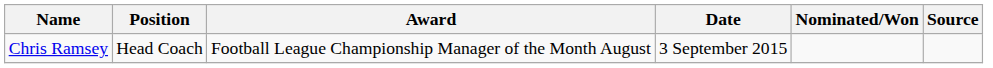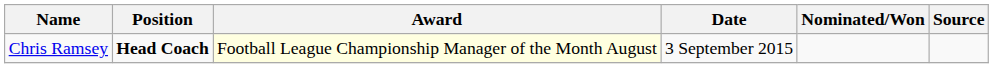 <table class="wikitable sortable" style="text-align:left; font-size:95%;">
 <tr>
 <th>Name</th>
 <th>Position</th>
 <th>Award</th>
 <th>Date</th>
 <th>Nominated/Won</th>
 <th>Source</th>
 </tr>
 <tr>
 <td><a href='#'>Chris Ramsey</a></td>
-<td>Head Coach</td>
-<td>Football League Championship Manager of the Month August</td>
+<td><strong>Head Coach</strong></td>
+<td style="background: lightyellow;">Football League Championship Manager of the Month August</td>
 <td>3 September 2015</td>
 <td></td>
 <td></td>
 </tr>
 <tr>
 </tr>
 </table>
